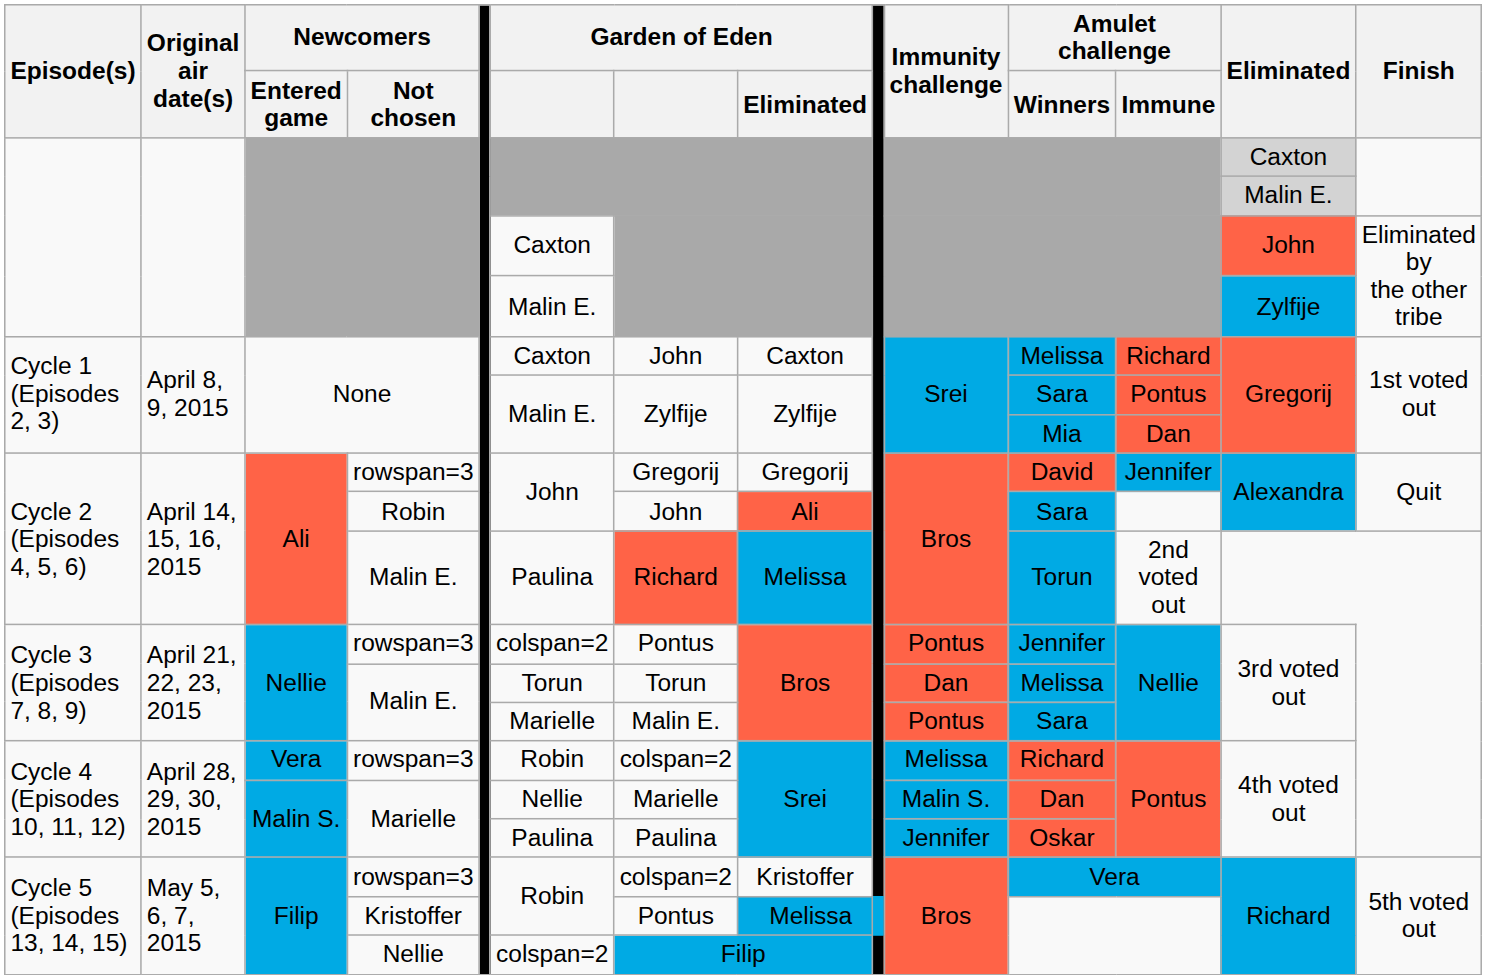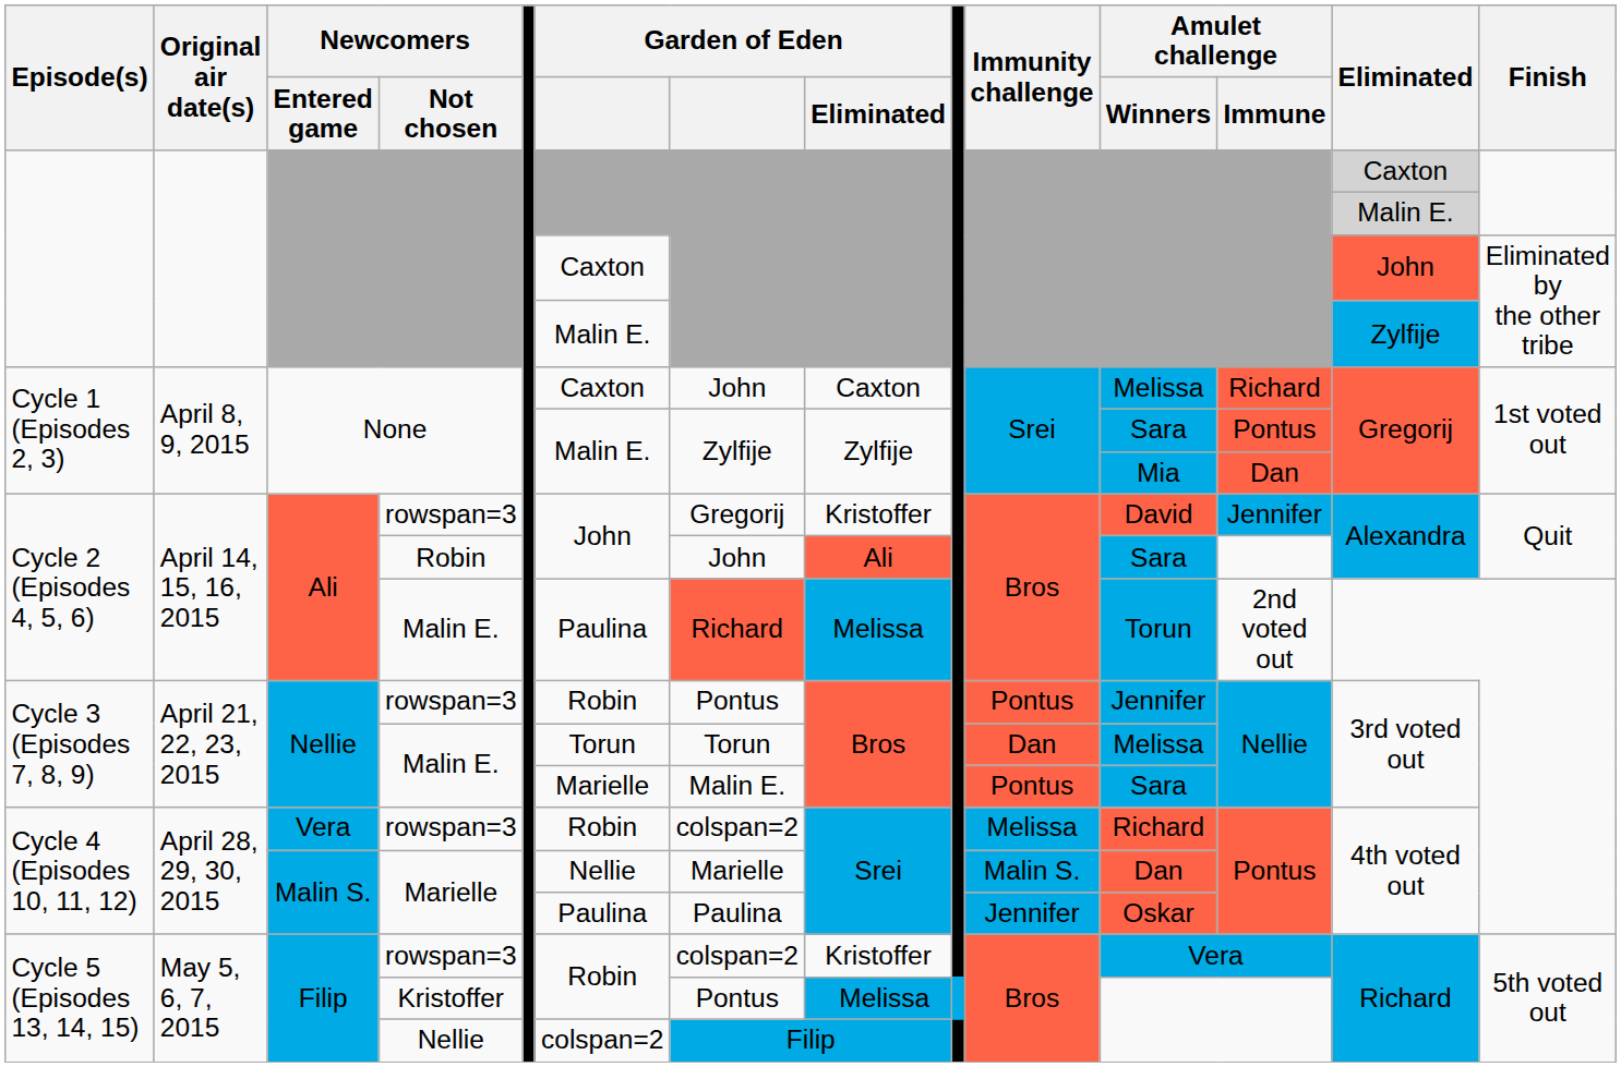 <table class="wikitable" style="margin:auto; text-align:center">
 <tr>
 <th rowspan=2>Episode(s)</th>
 <th rowspan=2>Original air date(s)</th>
 <th colspan=2>Newcomers</th>
 <td rowspan="50" bgcolor="black"></td>
 <th colspan=3>Garden of Eden</th>
 <td rowspan="50" bgcolor="black"></td>
 <th rowspan=2>Immunity<br>challenge</th>
 <th colspan=2>Amulet challenge</th>
 <th rowspan=2>Eliminated</th>
 <th rowspan=2>Finish</th>
 </tr>
 <tr>
 <th>Entered game</th>
 <th>Not chosen</th>
 <th></th>
 <th></th>
 <th>Eliminated</th>
 <th>Winners</th>
 <th>Immune</th>
 </tr>
 <tr>
 <td align="left" rowspan=4></td>
 <td align="left" rowspan=4></td>
 <td rowspan=4 colspan=2 bgcolor="darkgrey"></td>
 <td rowspan=2 colspan=3 bgcolor="darkgrey"></td>
 <td rowspan=2 colspan=3 bgcolor="darkgrey"></td>
 <td rowspan="1" bgcolor="lightgray">Caxton</td>
 <td rowspan="2"></td>
 </tr>
 <tr>
 <td rowspan="1" bgcolor="lightgray">Malin E.</td>
 </tr>
 <tr>
 <td>Caxton</td>
 <td colspan=2 rowspan=2 bgcolor=darkgrey></td>
 <td colspan="3" bgcolor="darkgray" rowspan="2"></td>
 <td rowspan="1" bgcolor="#FF6347">John</td>
 <td rowspan="2">Eliminated by<br>the other tribe</td>
 </tr>
 <tr>
 <td>Malin E.</td>
 <td rowspan="1" bgcolor="#00AAE4">Zylfije</td>
 </tr>
 <tr>
 <td rowspan=3 align="left">Cycle 1 (Episodes 2, 3)</td>
 <td rowspan=3 align="left">April 8, 9, 2015</td>
 <td rowspan=3 colspan=2>None</td>
 <td>Caxton</td>
 <td>John</td>
 <td>Caxton</td>
 <td rowspan=3 bgcolor="#00AAE4">Srei</td>
 <td bgcolor="#00AAE4">Melissa</td>
 <td bgcolor="#FF6347">Richard</td>
 <td rowspan=3 bgcolor="#FF6347">Gregorij</td>
 <td rowspan=3>1st voted out</td>
 </tr>
 <tr>
 <td rowspan=2>Malin E.</td>
 <td rowspan=2>Zylfije</td>
 <td rowspan=2>Zylfije</td>
 <td bgcolor="#00AAE4">Sara</td>
 <td bgcolor="#FF6347">Pontus</td>
 </tr>
 <tr>
 <td bgcolor="#00AAE4">Mia</td>
 <td bgcolor="#FF6347">Dan</td>
 </tr>
 <tr>
 <td rowspan=3 align="left">Cycle 2 (Episodes 4, 5, 6)</td>
 <td rowspan=3 align="left">April 14, 15, 16, 2015</td>
 <td rowspan=3 bgcolor="#FF6347">Ali</td>
 <td>rowspan=3 </td>
 <td rowspan=2>John</td>
 <td>Gregorij</td>
-<td>Gregorij</td>
+<td>Kristoffer</td>
 <td rowspan=3 bgcolor="#FF6347">Bros</td>
 <td bgcolor="#FF6347">David</td>
 <td bgcolor="#00AAE4">Jennifer</td>
 <td rowspan=2 bgcolor="#00AAE4">Alexandra</td>
 <td rowspan=2>Quit</td>
 </tr>
 <tr>
 <td>Robin</td>
 <td>John</td>
 <td bgcolor="#FF6347">Ali</td>
 <td bgcolor="#00AAE4">Sara</td>
 </tr>
 <tr>
 <td>Malin E.</td>
 <td>Paulina</td>
 <td bgcolor="#FF6347">Richard</td>
 <td bgcolor="#00AAE4">Melissa</td>
 <td bgcolor="#00AAE4">Torun</td>
 <td>2nd voted out</td>
 </tr>
 <tr>
 <td rowspan=3 align="left">Cycle 3 (Episodes 7, 8, 9)</td>
 <td rowspan=3 align="left">April 21, 22, 23, 2015</td>
 <td rowspan="3" bgcolor="#00AAE4">Nellie</td>
 <td>rowspan=3 </td>
-<td>colspan=2 </td>
+<td>Robin</td>
 <td>Pontus</td>
 <td rowspan=3 bgcolor="#FF6347">Bros</td>
 <td bgcolor="#FF6347">Pontus</td>
 <td bgcolor="#00AAE4">Jennifer</td>
 <td rowspan="3" bgcolor="#00AAE4">Nellie</td>
 <td rowspan="3">3rd voted out</td>
 </tr>
 <tr>
 <td rowspan=2>Malin E.</td>
 <td>Torun</td>
 <td>Torun</td>
 <td bgcolor="#FF6347">Dan</td>
 <td bgcolor="#00AAE4">Melissa</td>
 </tr>
 <tr>
 <td>Marielle</td>
 <td>Malin E.</td>
 <td bgcolor="#FF6347">Pontus</td>
 <td bgcolor="#00AAE4">Sara</td>
 </tr>
 <tr>
 <td rowspan=3 align="left">Cycle 4 (Episodes 10, 11, 12)</td>
 <td rowspan=3 align="left">April 28, 29, 30, 2015</td>
 <td bgcolor="#00AAE4">Vera</td>
 <td>rowspan=3 </td>
 <td>Robin</td>
 <td>colspan=2 </td>
 <td rowspan=3 bgcolor="#00AAE4">Srei</td>
 <td bgcolor="#00AAE4">Melissa</td>
 <td bgcolor="#FF6347">Richard</td>
 <td rowspan="3" bgcolor="#FF6347">Pontus</td>
 <td rowspan="3">4th voted out</td>
 </tr>
 <tr>
 <td rowspan=2 bgcolor="#00AAE4">Malin S.</td>
 <td rowspan=2>Marielle</td>
 <td>Nellie</td>
 <td>Marielle</td>
 <td bgcolor="#00AAE4">Malin S.</td>
 <td bgcolor="#FF6347">Dan</td>
 </tr>
 <tr>
 <td>Paulina</td>
 <td>Paulina</td>
 <td bgcolor="#00AAE4">Jennifer</td>
 <td bgcolor="#FF6347">Oskar</td>
 </tr>
 <tr>
 <td rowspan=3 align="left">Cycle 5 (Episodes 13, 14, 15)</td>
 <td rowspan=3 align="left">May 5, 6, 7, 2015</td>
 <td rowspan=3 bgcolor="#00AAE4">Filip</td>
 <td>rowspan=3 </td>
 <td rowspan=2>Robin</td>
 <td>colspan=2 </td>
 <td>Kristoffer</td>
 <td rowspan=3 bgcolor="#FF6347">Bros</td>
 <td colspan=2 bgcolor="#00AAE4">Vera</td>
 <td rowspan=3 bgcolor="#00AAE4">Richard</td>
 <td rowspan=3>5th voted out</td>
 </tr>
 <tr>
 <td>Kristoffer</td>
 <td>Pontus</td>
 <td colspan=2 bgcolor="#00AAE4">Melissa</td>
 </tr>
 <tr>
 <td>Nellie</td>
 <td>colspan=2 </td>
 <td colspan=2 bgcolor="#00AAE4">Filip</td>
 </tr>
 </table>
